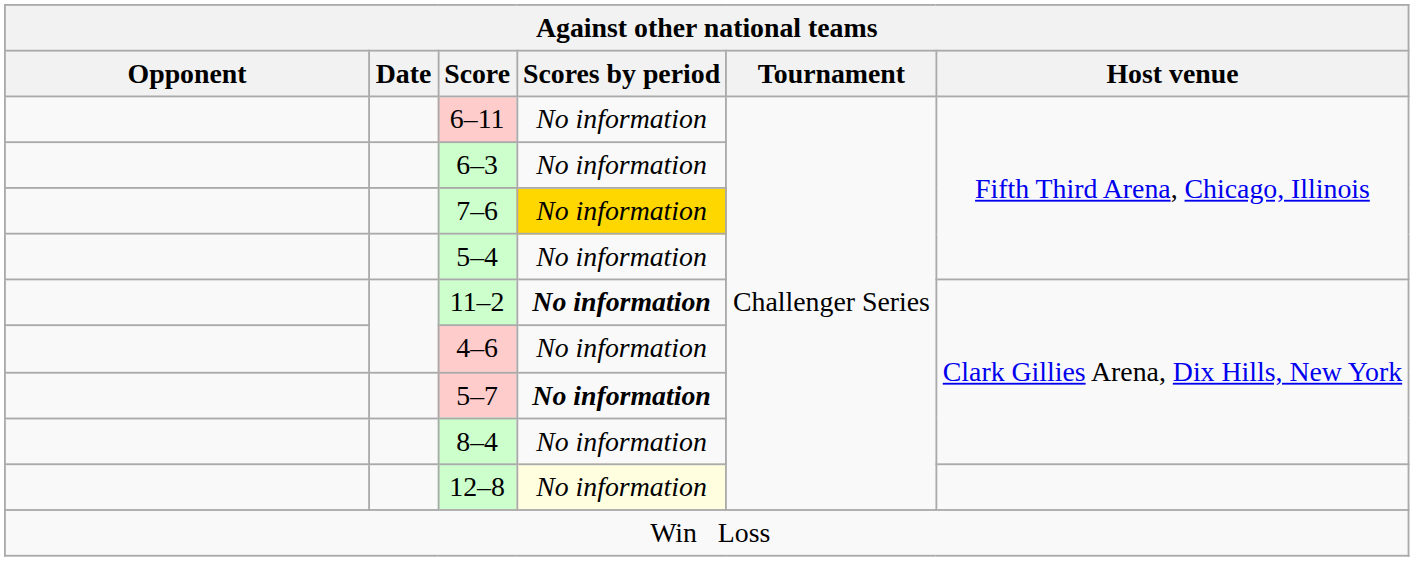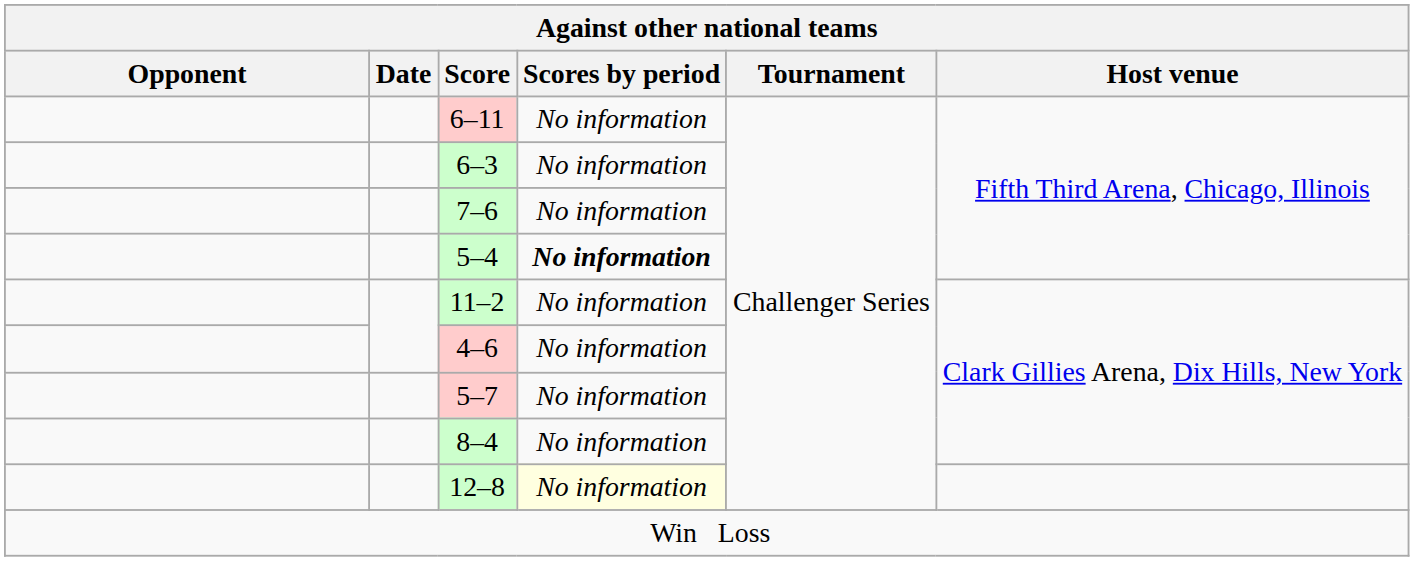 <table class="wikitable" style="font-size:95%; text-align:center">
 <tr>
 <th colspan="6">Against other national teams</th>
 </tr>
 <tr>
 <th width=192>Opponent</th>
 <th>Date</th>
 <th>Score</th>
 <th>Scores by period</th>
 <th>Tournament</th>
 <th>Host venue</th>
 </tr>
 <tr>
 <td align=left></td>
 <td class="nowrap"></td>
 <td bgcolor="#ffcccc">6–11</td>
 <td class="nowrap"><em>No information</em></td>
 <td rowspan="9">Challenger Series</td>
 <td rowspan="4"><a href='#'>Fifth Third Arena</a>, <a href='#'>Chicago, Illinois</a></td>
 </tr>
 <tr>
 <td align=left></td>
 <td class="nowrap"></td>
 <td bgcolor="#ccffcc">6–3</td>
 <td class="nowrap"><em>No information</em></td>
 </tr>
 <tr>
 <td align=left></td>
 <td class="nowrap"></td>
 <td bgcolor="#ccffcc">7–6</td>
-<td class="nowrap" style="background: gold;"><em>No information</em></td>
+<td class="nowrap"><em>No information</em></td>
 </tr>
 <tr>
 <td align=left></td>
 <td class="nowrap"></td>
 <td bgcolor="#ccffcc">5–4</td>
-<td class="nowrap"><em>No information</em></td>
+<td class="nowrap"><strong><em>No information</em></strong></td>
 </tr>
 <tr>
 <td align=left></td>
 <td rowspan="2" class="nowrap"></td>
 <td bgcolor="#ccffcc">11–2</td>
-<td class="nowrap"><strong><em>No information</em></strong></td>
+<td class="nowrap"><em>No information</em></td>
 <td rowspan="4"><a href='#'>Clark Gillies</a> Arena, <a href='#'>Dix Hills, New York</a></td>
 </tr>
 <tr>
 <td align=left></td>
 <td bgcolor="#ffcccc">4–6</td>
 <td class="nowrap"><em>No information</em></td>
 </tr>
 <tr>
 <td align=left></td>
 <td class="nowrap"></td>
 <td bgcolor="#ffcccc">5–7</td>
-<td class="nowrap"><strong><em>No information</em></strong></td>
+<td class="nowrap"><em>No information</em></td>
 </tr>
 <tr>
 <td align=left></td>
 <td class="nowrap"></td>
 <td bgcolor="#ccffcc">8–4</td>
 <td class="nowrap"><em>No information</em></td>
 </tr>
 <tr>
 <td align=left></td>
 <td class="nowrap"></td>
 <td bgcolor="#ccffcc">12–8</td>
 <td class="nowrap" style="background: lightyellow;"><em>No information</em></td>
 </tr>
 <tr>
 <td colspan="6"> Win   Loss</td>
 </tr>
 </table>
